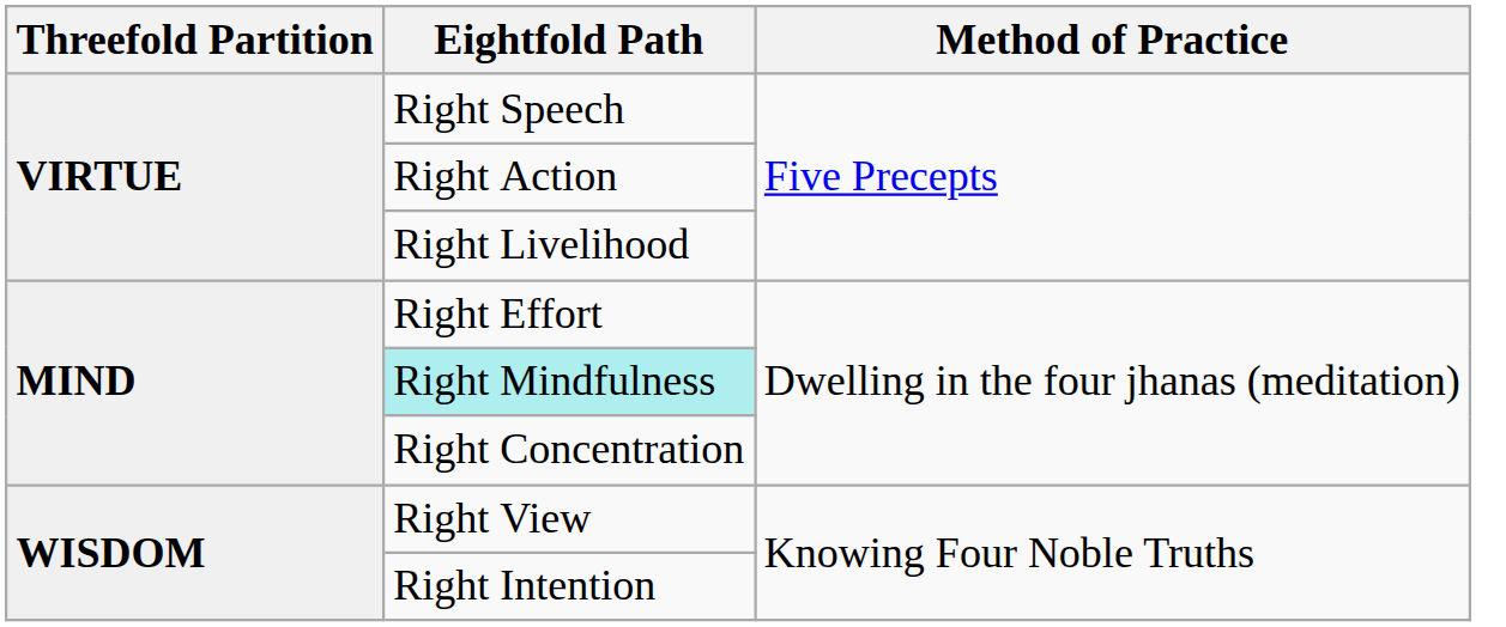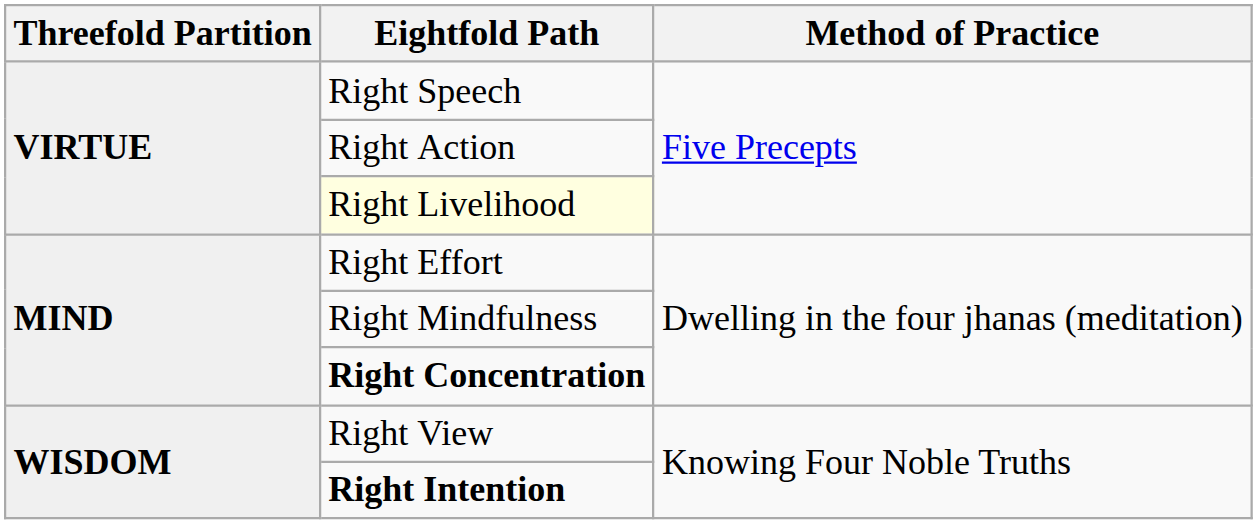 <table class="wikitable">
 <tr>
 <th>Threefold Partition</th>
 <th>Eightfold Path</th>
 <th>Method of Practice</th>
 </tr>
 <tr>
 <td style="background:#f0f0f0" rowspan="3"><strong>VIRTUE</strong></td>
 <td>Right Speech</td>
 <td rowspan=3><a href='#'>Five Precepts</a></td>
 </tr>
 <tr>
 <td>Right Action</td>
 </tr>
 <tr>
-<td>Right Livelihood</td>
+<td style="background: lightyellow;">Right Livelihood</td>
 </tr>
 <tr>
 <td style="background:#f0f0f0" rowspan="3"><strong>MIND</strong></td>
 <td>Right Effort</td>
 <td rowspan=3>Dwelling in the four jhanas (meditation)</td>
 </tr>
 <tr>
-<td style="background: paleturquoise;">Right Mindfulness</td>
+<td>Right Mindfulness</td>
 </tr>
 <tr>
-<td>Right Concentration</td>
+<td><strong>Right Concentration</strong></td>
 </tr>
 <tr>
 <td style="background:#f0f0f0" rowspan="2"><strong>WISDOM</strong></td>
 <td>Right View</td>
 <td rowspan=2>Knowing Four Noble Truths</td>
 </tr>
 <tr>
-<td>Right Intention</td>
+<td><strong>Right Intention</strong></td>
 </tr>
 </table>
